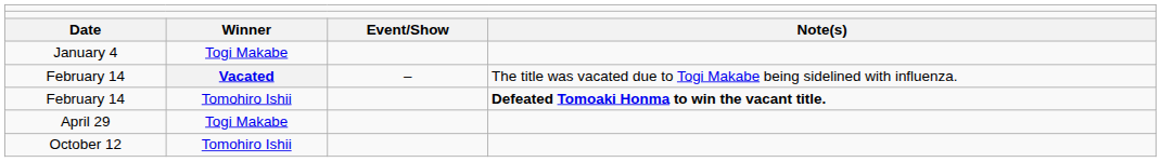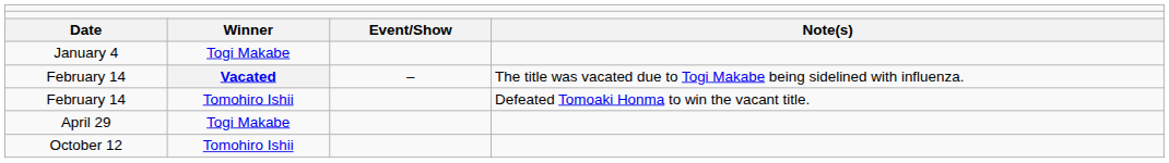 <table class="wikitable" style="text-align:center; width:100%;">
 <tr>
 <td colspan="5"></td>
 </tr>
 <tr>
 <td colspan="5"><strong></strong></td>
 </tr>
 <tr>
 <th width=14%>Date</th>
 <th width=14%>Winner</th>
 <th width=14%>Event/Show</th>
 <th width=58%>Note(s)</th>
 </tr>
 <tr>
 <td>January 4</td>
 <td><a href='#'>Togi Makabe</a></td>
 <td></td>
 <td align=left></td>
 </tr>
 <tr>
 <td>February 14</td>
 <th><a href='#'>Vacated</a></th>
 <td>–</td>
 <td align=left>The title was vacated due to <a href='#'>Togi Makabe</a> being sidelined with influenza.</td>
 </tr>
 <tr>
 <td>February 14</td>
 <td><a href='#'>Tomohiro Ishii</a></td>
 <td></td>
-<td align=left><strong>Defeated <a href='#'>Tomoaki Honma</a> to win the vacant title.</strong></td>
+<td align=left>Defeated <a href='#'>Tomoaki Honma</a> to win the vacant title.</td>
 </tr>
 <tr>
 <td>April 29</td>
 <td><a href='#'>Togi Makabe</a></td>
 <td></td>
 <td align=left></td>
 </tr>
 <tr>
 <td>October 12</td>
 <td><a href='#'>Tomohiro Ishii</a></td>
 <td></td>
 <td align=left></td>
 </tr>
 </table>
